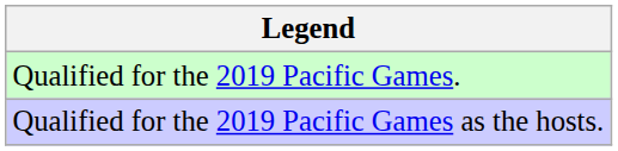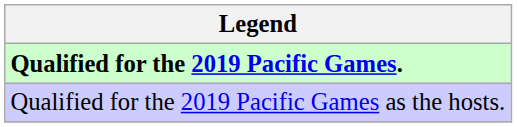 <table class="wikitable">
 <tr>
 <th>Legend</th>
 </tr>
 <tr bgcolor=ccffcc>
-<td>Qualified for the <a href='#'>2019 Pacific Games</a>.</td>
+<td><strong>Qualified for the <a href='#'>2019 Pacific Games</a>.</strong></td>
 </tr>
 <tr bgcolor=ccccff>
 <td>Qualified for the <a href='#'>2019 Pacific Games</a> as the hosts.</td>
 </tr>
 </table>
